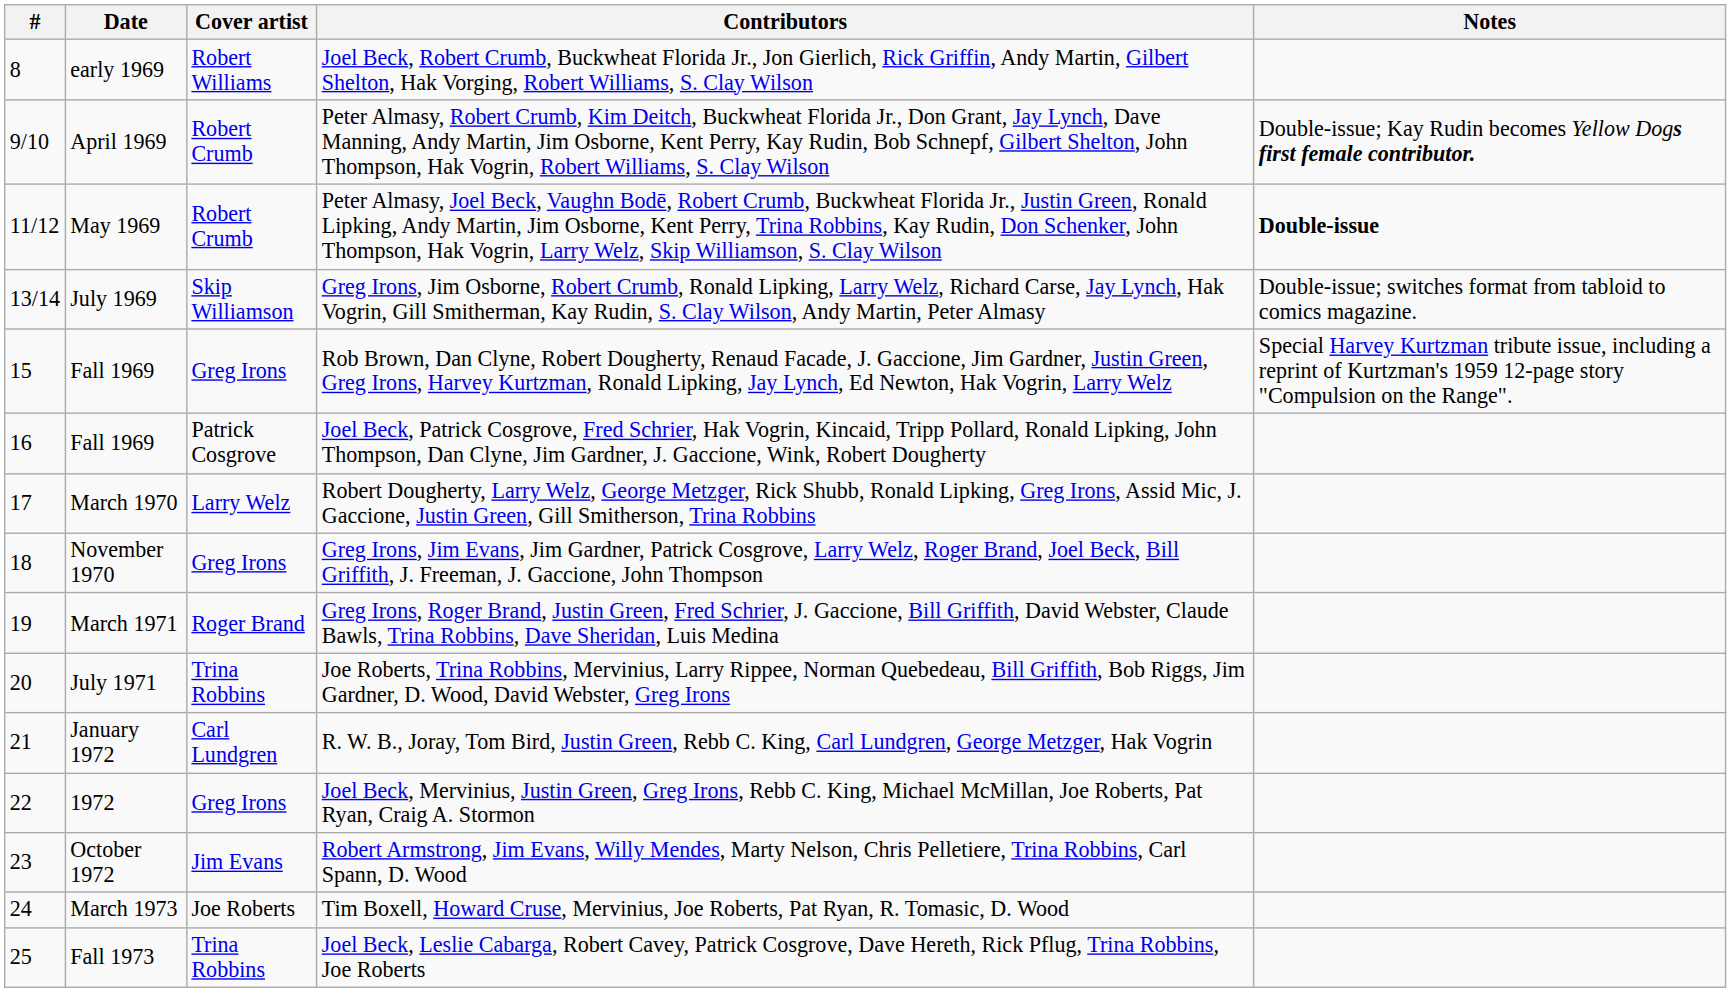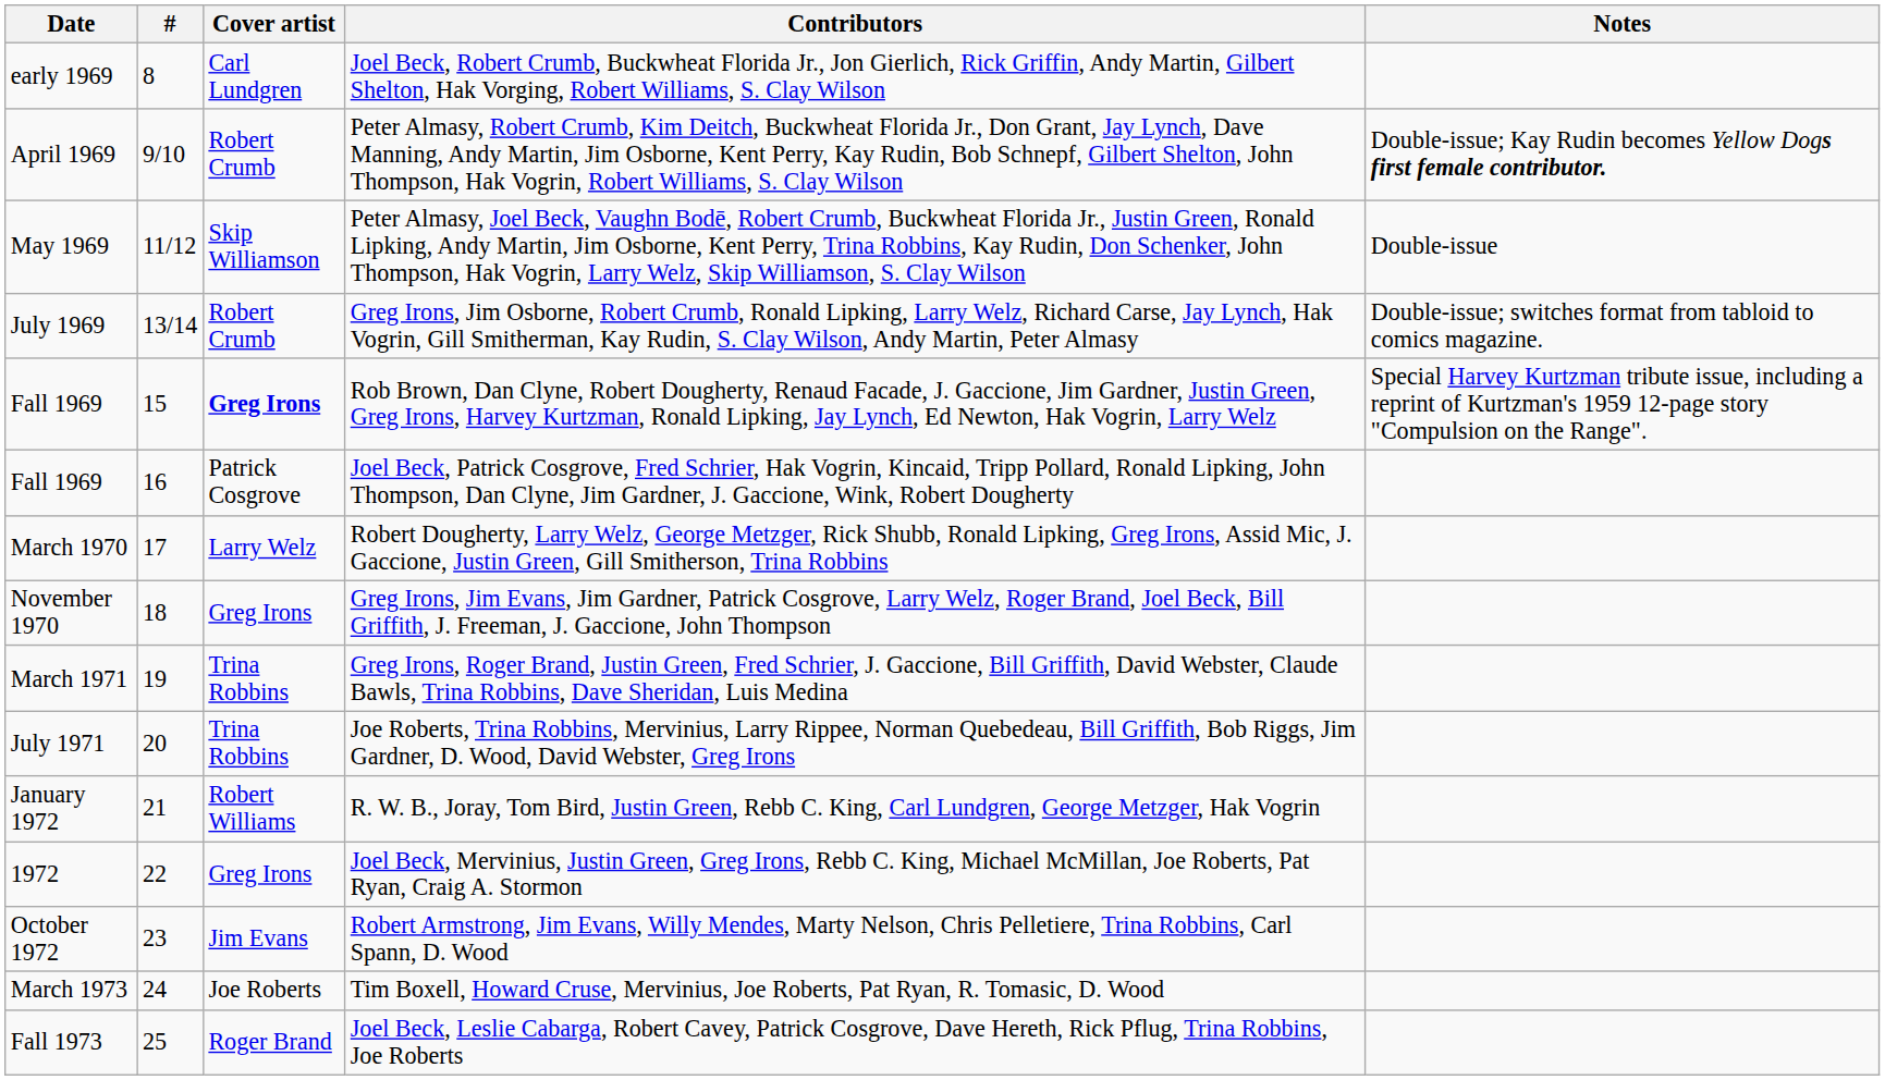 <table class="wikitable">
 <tr>
+<th>Date</th>
 <th>#</th>
-<th>Date</th>
 <th>Cover artist</th>
 <th>Contributors</th>
 <th>Notes</th>
 </tr>
 <tr>
+<td>early 1969</td>
 <td>8</td>
-<td>early 1969</td>
-<td><a href='#'>Robert Williams</a></td>
+<td><a href='#'>Carl Lundgren</a></td>
 <td><a href='#'>Joel Beck</a>, <a href='#'>Robert Crumb</a>, Buckwheat Florida Jr., Jon Gierlich, <a href='#'>Rick Griffin</a>, Andy Martin, <a href='#'>Gilbert Shelton</a>, Hak Vorging, <a href='#'>Robert Williams</a>, <a href='#'>S. Clay Wilson</a></td>
 <td></td>
 </tr>
 <tr>
+<td>April 1969</td>
 <td>9/10</td>
-<td>April 1969</td>
 <td><a href='#'>Robert Crumb</a></td>
 <td>Peter Almasy, <a href='#'>Robert Crumb</a>, <a href='#'>Kim Deitch</a>, Buckwheat Florida Jr., Don Grant, <a href='#'>Jay Lynch</a>, Dave Manning, Andy Martin, Jim Osborne, Kent Perry, Kay Rudin, Bob Schnepf, <a href='#'>Gilbert Shelton</a>, John Thompson, Hak Vogrin, <a href='#'>Robert Williams</a>, <a href='#'>S. Clay Wilson</a></td>
 <td>Double-issue; Kay Rudin becomes <em>Yellow Dog<strong>s first female contributor.</td>
 </tr>
 <tr>
+<td>May 1969</td>
 <td>11/12</td>
-<td>May 1969</td>
-<td><a href='#'>Robert Crumb</a></td>
+<td><a href='#'>Skip Williamson</a></td>
 <td>Peter Almasy, <a href='#'>Joel Beck</a>, <a href='#'>Vaughn Bodē</a>, <a href='#'>Robert Crumb</a>, Buckwheat Florida Jr., <a href='#'>Justin Green</a>, Ronald Lipking, Andy Martin, Jim Osborne, Kent Perry, <a href='#'>Trina Robbins</a>, Kay Rudin, <a href='#'>Don Schenker</a>, John Thompson, Hak Vogrin, <a href='#'>Larry Welz</a>, <a href='#'>Skip Williamson</a>, <a href='#'>S. Clay Wilson</a></td>
-<td><strong>Double-issue</strong></td>
+<td>Double-issue</td>
 </tr>
 <tr>
+<td>July 1969</td>
 <td>13/14</td>
-<td>July 1969</td>
-<td><a href='#'>Skip Williamson</a></td>
+<td><a href='#'>Robert Crumb</a></td>
 <td><a href='#'>Greg Irons</a>, Jim Osborne, <a href='#'>Robert Crumb</a>, Ronald Lipking, <a href='#'>Larry Welz</a>, Richard Carse, <a href='#'>Jay Lynch</a>, Hak Vogrin, Gill Smitherman, Kay Rudin, <a href='#'>S. Clay Wilson</a>, Andy Martin, Peter Almasy</td>
 <td>Double-issue; switches format from tabloid to comics magazine.</td>
 </tr>
 <tr>
+<td>Fall 1969</td>
 <td>15</td>
-<td>Fall 1969</td>
-<td><a href='#'>Greg Irons</a></td>
+<td><strong><a href='#'>Greg Irons</a></strong></td>
 <td>Rob Brown, Dan Clyne, Robert Dougherty, Renaud Facade, J. Gaccione, Jim Gardner, <a href='#'>Justin Green</a>, <a href='#'>Greg Irons</a>, <a href='#'>Harvey Kurtzman</a>, Ronald Lipking, <a href='#'>Jay Lynch</a>, Ed Newton, Hak Vogrin, <a href='#'>Larry Welz</a></td>
 <td>Special <a href='#'>Harvey Kurtzman</a> tribute issue, including a reprint of Kurtzman's 1959 12-page story "Compulsion on the Range".</td>
 </tr>
 <tr>
+<td>Fall 1969</td>
 <td>16</td>
-<td>Fall 1969</td>
 <td>Patrick Cosgrove</td>
 <td><a href='#'>Joel Beck</a>, Patrick Cosgrove, <a href='#'>Fred Schrier</a>, Hak Vogrin, Kincaid, Tripp Pollard, Ronald Lipking, John Thompson, Dan Clyne, Jim Gardner, J. Gaccione, Wink, Robert Dougherty</td>
 <td></td>
 </tr>
 <tr>
+<td>March 1970</td>
 <td>17</td>
-<td>March 1970</td>
 <td><a href='#'>Larry Welz</a></td>
 <td>Robert Dougherty, <a href='#'>Larry Welz</a>, <a href='#'>George Metzger</a>, Rick Shubb, Ronald Lipking, <a href='#'>Greg Irons</a>, Assid Mic, J. Gaccione, <a href='#'>Justin Green</a>, Gill Smitherson, <a href='#'>Trina Robbins</a></td>
 <td></td>
 </tr>
 <tr>
+<td>November 1970</td>
 <td>18</td>
-<td>November 1970</td>
 <td><a href='#'>Greg Irons</a></td>
 <td><a href='#'>Greg Irons</a>, <a href='#'>Jim Evans</a>, Jim Gardner, Patrick Cosgrove, <a href='#'>Larry Welz</a>, <a href='#'>Roger Brand</a>, <a href='#'>Joel Beck</a>, <a href='#'>Bill Griffith</a>, J. Freeman, J. Gaccione, John Thompson</td>
 <td></td>
 </tr>
 <tr>
+<td>March 1971</td>
 <td>19</td>
-<td>March 1971</td>
-<td><a href='#'>Roger Brand</a></td>
+<td><a href='#'>Trina Robbins</a></td>
 <td><a href='#'>Greg Irons</a>, <a href='#'>Roger Brand</a>, <a href='#'>Justin Green</a>, <a href='#'>Fred Schrier</a>, J. Gaccione, <a href='#'>Bill Griffith</a>, David Webster, Claude Bawls, <a href='#'>Trina Robbins</a>, <a href='#'>Dave Sheridan</a>, Luis Medina</td>
 <td></td>
 </tr>
 <tr>
+<td>July 1971</td>
 <td>20</td>
-<td>July 1971</td>
 <td><a href='#'>Trina Robbins</a></td>
 <td>Joe Roberts, <a href='#'>Trina Robbins</a>, Mervinius, Larry Rippee, Norman Quebedeau, <a href='#'>Bill Griffith</a>, Bob Riggs, Jim Gardner, D. Wood, David Webster, <a href='#'>Greg Irons</a></td>
 <td></td>
 </tr>
 <tr>
+<td>January 1972</td>
 <td>21</td>
-<td>January 1972</td>
-<td><a href='#'>Carl Lundgren</a></td>
+<td><a href='#'>Robert Williams</a></td>
 <td>R. W. B., Joray, Tom Bird, <a href='#'>Justin Green</a>, Rebb C. King, <a href='#'>Carl Lundgren</a>, <a href='#'>George Metzger</a>, Hak Vogrin</td>
 <td></td>
 </tr>
 <tr>
+<td>1972</td>
 <td>22</td>
-<td>1972</td>
 <td><a href='#'>Greg Irons</a></td>
 <td><a href='#'>Joel Beck</a>, Mervinius, <a href='#'>Justin Green</a>, <a href='#'>Greg Irons</a>, Rebb C. King, Michael McMillan, Joe Roberts, Pat Ryan, Craig A. Stormon</td>
 <td></td>
 </tr>
 <tr>
+<td>October 1972</td>
 <td>23</td>
-<td>October 1972</td>
 <td><a href='#'>Jim Evans</a></td>
 <td><a href='#'>Robert Armstrong</a>, <a href='#'>Jim Evans</a>, <a href='#'>Willy Mendes</a>, Marty Nelson, Chris Pelletiere, <a href='#'>Trina Robbins</a>, Carl Spann, D. Wood</td>
 <td></td>
 </tr>
 <tr>
+<td>March 1973</td>
 <td>24</td>
-<td>March 1973</td>
 <td>Joe Roberts</td>
 <td>Tim Boxell, <a href='#'>Howard Cruse</a>, Mervinius, Joe Roberts, Pat Ryan, R. Tomasic, D. Wood</td>
 <td></td>
 </tr>
 <tr>
+<td>Fall 1973</td>
 <td>25</td>
-<td>Fall 1973</td>
-<td><a href='#'>Trina Robbins</a></td>
+<td><a href='#'>Roger Brand</a></td>
 <td><a href='#'>Joel Beck</a>, <a href='#'>Leslie Cabarga</a>, Robert Cavey, Patrick Cosgrove, Dave Hereth, Rick Pflug, <a href='#'>Trina Robbins</a>, Joe Roberts</td>
 <td></td>
 </tr>
 </table>
